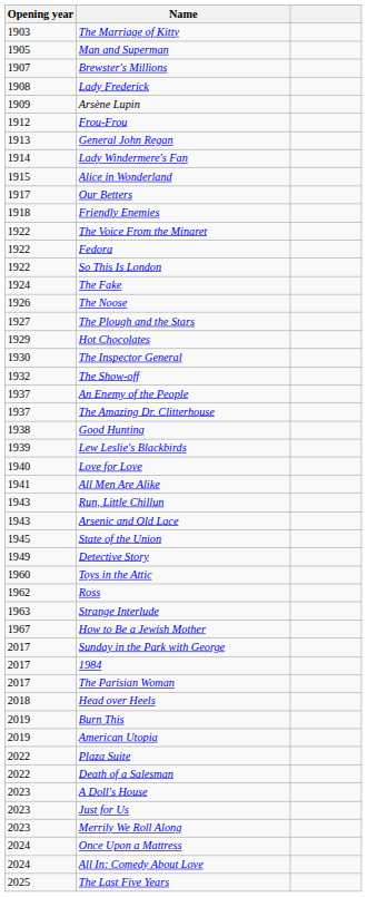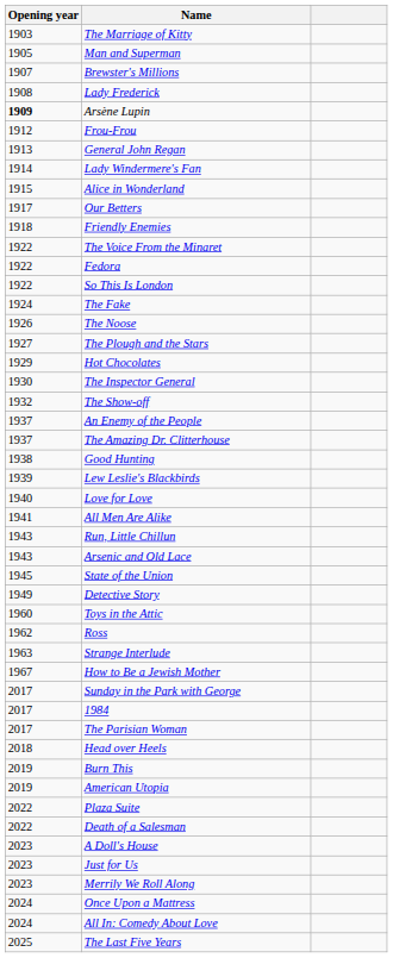 <table class="wikitable sortable collapsible">
 <tr>
 <th width=20% scope="col">Opening year</th>
 <th width=60% scope="col">Name</th>
 <th width=20% scope="col"  class="unsortable"></th>
 </tr>
 <tr>
 <td>1903</td>
 <td><em><a href='#'>The Marriage of Kitty</a></em></td>
 <td></td>
 </tr>
 <tr>
 <td>1905</td>
 <td><em><a href='#'>Man and Superman</a></em></td>
 <td></td>
 </tr>
 <tr>
 <td>1907</td>
 <td><em><a href='#'>Brewster's Millions</a></em></td>
 <td></td>
 </tr>
 <tr>
 <td>1908</td>
 <td><em><a href='#'>Lady Frederick</a></em></td>
 <td></td>
 </tr>
 <tr>
-<td>1909</td>
+<td><strong>1909</strong></td>
 <td><em>Arsène Lupin</em></td>
 <td></td>
 </tr>
 <tr>
 <td>1912</td>
 <td><em><a href='#'>Frou-Frou</a></em></td>
 <td></td>
 </tr>
 <tr>
 <td>1913</td>
 <td><em><a href='#'>General John Regan</a></em></td>
 <td></td>
 </tr>
 <tr>
 <td>1914</td>
 <td><em><a href='#'>Lady Windermere's Fan</a></em></td>
 <td></td>
 </tr>
 <tr>
 <td>1915</td>
 <td><em><a href='#'>Alice in Wonderland</a></em></td>
 <td></td>
 </tr>
 <tr>
 <td>1917</td>
 <td><em><a href='#'>Our Betters</a></em></td>
 <td></td>
 </tr>
 <tr>
 <td>1918</td>
 <td><em><a href='#'>Friendly Enemies</a></em></td>
 <td></td>
 </tr>
 <tr>
 <td>1922</td>
 <td><em><a href='#'>The Voice From the Minaret</a></em></td>
 <td></td>
 </tr>
 <tr>
 <td>1922</td>
 <td><em><a href='#'>Fedora</a></em></td>
 <td></td>
 </tr>
 <tr>
 <td>1922</td>
 <td><em><a href='#'>So This Is London</a></em></td>
 <td></td>
 </tr>
 <tr>
 <td>1924</td>
 <td><em><a href='#'>The Fake</a></em></td>
 <td></td>
 </tr>
 <tr>
 <td>1926</td>
 <td><em><a href='#'>The Noose</a></em></td>
 <td></td>
 </tr>
 <tr>
 <td>1927</td>
 <td><em><a href='#'>The Plough and the Stars</a></em></td>
 <td></td>
 </tr>
 <tr>
 <td>1929</td>
 <td><em><a href='#'>Hot Chocolates</a></em></td>
 <td></td>
 </tr>
 <tr>
 <td>1930</td>
 <td><em><a href='#'>The Inspector General</a></em></td>
 <td></td>
 </tr>
 <tr>
 <td>1932</td>
 <td><em><a href='#'>The Show-off</a></em></td>
 <td></td>
 </tr>
 <tr>
 <td>1937</td>
 <td><em><a href='#'>An Enemy of the People</a></em></td>
 <td></td>
 </tr>
 <tr>
 <td>1937</td>
 <td><em><a href='#'>The Amazing Dr. Clitterhouse</a></em></td>
 <td></td>
 </tr>
 <tr>
 <td>1938</td>
 <td><em><a href='#'>Good Hunting</a></em></td>
 <td></td>
 </tr>
 <tr>
 <td>1939</td>
 <td><em><a href='#'>Lew Leslie's Blackbirds</a></em></td>
 <td></td>
 </tr>
 <tr>
 <td>1940</td>
 <td><em><a href='#'>Love for Love</a></em></td>
 <td></td>
 </tr>
 <tr>
 <td>1941</td>
 <td><em><a href='#'>All Men Are Alike</a></em></td>
 <td></td>
 </tr>
 <tr>
 <td>1943</td>
 <td><em><a href='#'>Run, Little Chillun</a></em></td>
 <td></td>
 </tr>
 <tr>
 <td>1943</td>
 <td><em><a href='#'>Arsenic and Old Lace</a></em></td>
 <td></td>
 </tr>
 <tr>
 <td>1945</td>
 <td><em><a href='#'>State of the Union</a></em></td>
 <td></td>
 </tr>
 <tr>
 <td>1949</td>
 <td><em><a href='#'>Detective Story</a></em></td>
 <td></td>
 </tr>
 <tr>
 <td>1960</td>
 <td><em><a href='#'>Toys in the Attic</a></em></td>
 <td></td>
 </tr>
 <tr>
 <td>1962</td>
 <td><em><a href='#'>Ross</a></em></td>
 <td></td>
 </tr>
 <tr>
 <td>1963</td>
 <td><em><a href='#'>Strange Interlude</a></em></td>
 <td></td>
 </tr>
 <tr>
 <td>1967</td>
 <td><em><a href='#'>How to Be a Jewish Mother</a></em></td>
 <td></td>
 </tr>
 <tr>
 <td>2017</td>
 <td><em><a href='#'>Sunday in the Park with George</a></em></td>
 <td></td>
 </tr>
 <tr>
 <td>2017</td>
 <td><em><a href='#'>1984</a></em></td>
 <td></td>
 </tr>
 <tr>
 <td>2017</td>
 <td><em><a href='#'>The Parisian Woman</a></em></td>
 <td></td>
 </tr>
 <tr>
 <td>2018</td>
 <td><em><a href='#'>Head over Heels</a></em></td>
 <td></td>
 </tr>
 <tr>
 <td>2019</td>
 <td><em><a href='#'>Burn This</a></em></td>
 <td></td>
 </tr>
 <tr>
 <td>2019</td>
 <td><em><a href='#'>American Utopia</a></em></td>
 <td></td>
 </tr>
 <tr>
 <td>2022</td>
 <td><em><a href='#'>Plaza Suite</a></em></td>
 <td></td>
 </tr>
 <tr>
 <td>2022</td>
 <td><em><a href='#'>Death of a Salesman</a></em></td>
 <td></td>
 </tr>
 <tr>
 <td>2023</td>
 <td><em><a href='#'>A Doll's House</a></em></td>
 <td></td>
 </tr>
 <tr>
 <td>2023</td>
 <td><em><a href='#'>Just for Us</a></em></td>
 <td></td>
 </tr>
 <tr>
 <td>2023</td>
 <td><em><a href='#'>Merrily We Roll Along</a></em></td>
 <td></td>
 </tr>
 <tr>
 <td>2024</td>
 <td><em><a href='#'>Once Upon a Mattress</a></em></td>
 <td></td>
 </tr>
 <tr>
 <td>2024</td>
 <td><em><a href='#'>All In: Comedy About Love</a></em></td>
 <td></td>
 </tr>
 <tr>
 <td>2025</td>
 <td><em><a href='#'>The Last Five Years</a></em></td>
 <td></td>
 </tr>
 </table>
